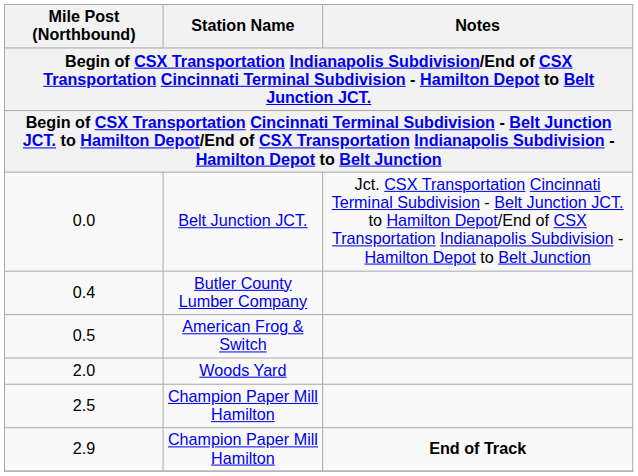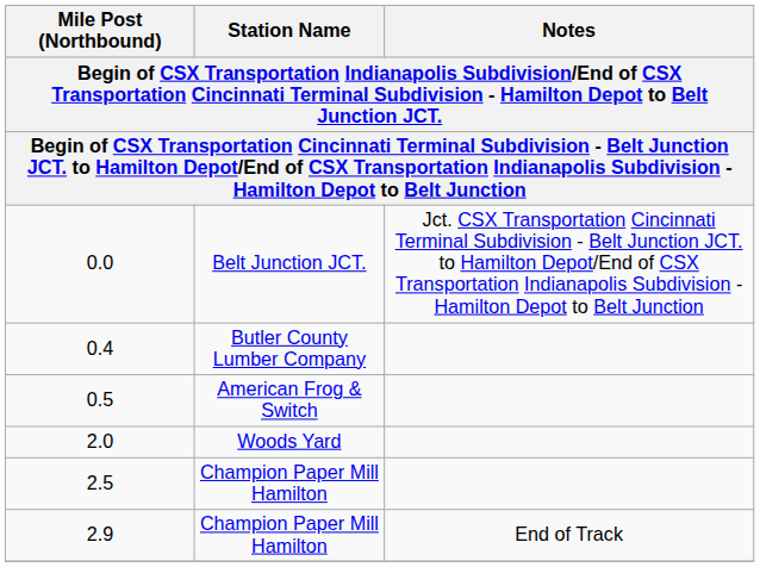 <table class="wikitable" style="text-align:center;">
 <tr>
 <th width="150">Mile Post (Northbound)</th>
 <th width="150">Station Name</th>
 <th width="300">Notes</th>
 </tr>
 <tr style="background:#ddd;"{| class="wikitable" style="text-align:center;">
 <th colspan="4">Begin of <a href='#'>CSX Transportation</a> <a href='#'>Indianapolis Subdivision</a>/End of <a href='#'>CSX Transportation</a> <a href='#'>Cincinnati Terminal Subdivision</a> - <a href='#'>Hamilton Depot</a> to <a href='#'>Belt Junction JCT.</a></th>
 </tr>
 <tr>
 <th colspan="4">Begin of <a href='#'>CSX Transportation</a> <a href='#'>Cincinnati Terminal Subdivision</a> - <a href='#'>Belt Junction JCT.</a> to <a href='#'>Hamilton Depot</a>/End of <a href='#'>CSX Transportation</a> <a href='#'>Indianapolis Subdivision</a> - <a href='#'>Hamilton Depot</a> to <a href='#'>Belt Junction</a></th>
 </tr>
 <tr>
 <td>0.0</td>
 <td><a href='#'>Belt Junction JCT.</a></td>
 <td>Jct. <a href='#'>CSX Transportation</a> <a href='#'>Cincinnati Terminal Subdivision</a> - <a href='#'>Belt Junction JCT.</a> to <a href='#'>Hamilton Depot</a>/End of <a href='#'>CSX Transportation</a> <a href='#'>Indianapolis Subdivision</a> - <a href='#'>Hamilton Depot</a> to <a href='#'>Belt Junction</a></td>
 </tr>
 <tr>
 <td>0.4</td>
 <td><a href='#'>Butler County Lumber Company</a></td>
 <td></td>
 </tr>
 <tr>
 <td>0.5</td>
 <td><a href='#'>American Frog & Switch</a></td>
 <td></td>
 </tr>
 <tr>
 <td>2.0</td>
 <td><a href='#'>Woods Yard</a></td>
 <td></td>
 </tr>
 <tr>
 <td>2.5</td>
 <td><a href='#'>Champion Paper Mill Hamilton</a></td>
 <td></td>
 </tr>
 <tr>
 <td>2.9</td>
 <td><a href='#'>Champion Paper Mill Hamilton</a></td>
-<td><strong>End of Track</strong></td>
+<td>End of Track</td>
 </tr>
 <tr>
 </tr>
 </table>
